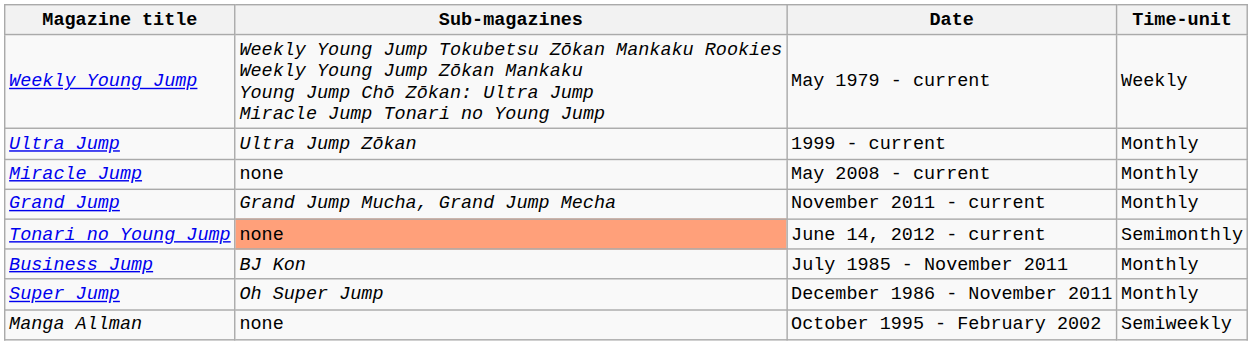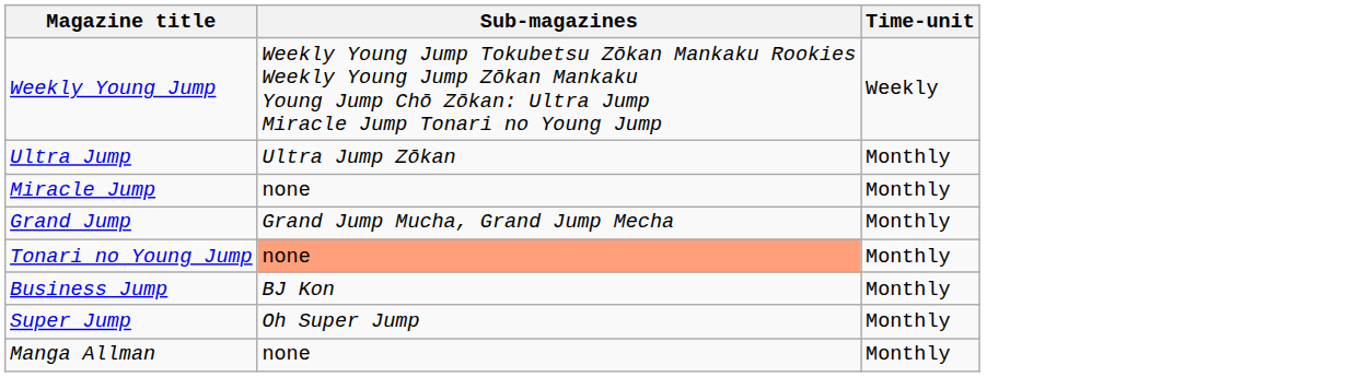 <table class="wikitable">
 <tr>
 <th>Magazine title</th>
 <th>Sub-magazines</th>
-<th>Date</th>
 <th>Time-unit</th>
 </tr>
 <tr>
 <td><em><a href='#'>Weekly Young Jump</a></em></td>
 <td><em>Weekly Young Jump Tokubetsu Zōkan Mankaku Rookies</em><br><em>Weekly Young Jump Zōkan Mankaku</em><br><em>Young Jump Chō Zōkan: Ultra Jump</em><br><em>Miracle Jump</em> <em>Tonari no Young Jump</em><br></td>
-<td>May 1979 - current</td>
 <td>Weekly</td>
 </tr>
 <tr>
 <td><em><a href='#'>Ultra Jump</a></em></td>
 <td><em>Ultra Jump Zōkan</em></td>
-<td>1999 - current</td>
 <td>Monthly</td>
 </tr>
 <tr>
 <td><em><a href='#'>Miracle Jump</a></em></td>
 <td>none</td>
-<td>May 2008 - current</td>
 <td>Monthly</td>
 </tr>
 <tr>
 <td><em><a href='#'>Grand Jump</a></em></td>
 <td><em>Grand Jump Mucha, Grand Jump Mecha</em></td>
-<td>November 2011 - current</td>
 <td>Monthly</td>
 </tr>
 <tr>
 <td><em><a href='#'>Tonari no Young Jump</a></em></td>
 <td style="background: lightsalmon;">none</td>
-<td>June 14, 2012 - current</td>
-<td>Semimonthly</td>
+<td>Monthly</td>
 </tr>
 <tr>
 <td><em><a href='#'>Business Jump</a></em></td>
 <td><em>BJ Kon</em></td>
-<td>July 1985 - November 2011</td>
 <td>Monthly</td>
 </tr>
 <tr>
 <td><em><a href='#'>Super Jump</a></em></td>
 <td><em>Oh Super Jump</em></td>
-<td>December 1986 - November 2011</td>
 <td>Monthly</td>
 </tr>
 <tr>
 <td><em>Manga Allman</em></td>
 <td>none</td>
-<td>October 1995 - February 2002</td>
-<td>Semiweekly</td>
+<td>Monthly</td>
 </tr>
 </table>
